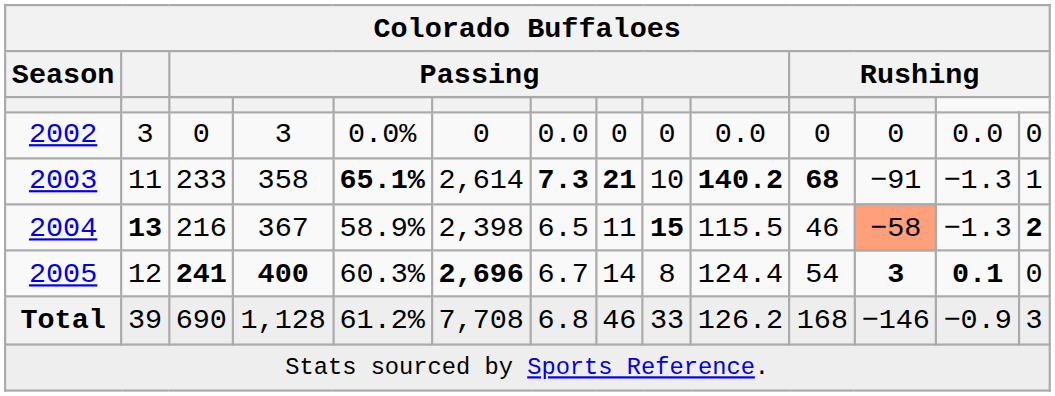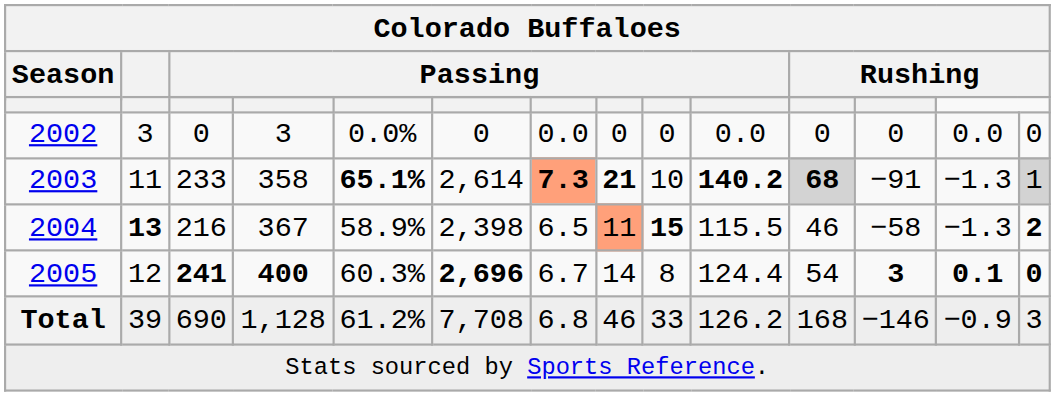 <table class=wikitable style="text-align:center;">
 <tr>
 <th colspan="14">Colorado Buffaloes</th>
 </tr>
 <tr>
 <th rowspan=2>Season</th>
 <th rowspan=2></th>
 <th colspan=8>Passing</th>
 <th colspan=4>Rushing</th>
 </tr>
 <tr>
 </tr>
 <tr>
 <th></th>
 <th></th>
 <th></th>
 <th></th>
 <th></th>
 <th></th>
 <th></th>
 <th></th>
 <th></th>
 <th></th>
 <th></th>
 <th></th>
 </tr>
 <tr>
 <td><a href='#'>2002</a></td>
 <td>3</td>
 <td>0</td>
 <td>3</td>
 <td>0.0%</td>
 <td>0</td>
 <td>0.0</td>
 <td>0</td>
 <td>0</td>
 <td>0.0</td>
 <td>0</td>
 <td>0</td>
 <td>0.0</td>
 <td>0</td>
 </tr>
 <tr>
 <td><a href='#'>2003</a></td>
 <td>11</td>
 <td>233</td>
 <td>358</td>
 <td><strong>65.1%</strong></td>
 <td>2,614</td>
-<td><strong>7.3</strong></td>
+<td style="background: lightsalmon;"><strong>7.3</strong></td>
 <td><strong>21</strong></td>
 <td>10</td>
 <td><strong>140.2</strong></td>
-<td><strong>68</strong></td>
+<td style="background: lightgrey;"><strong>68</strong></td>
 <td>−91</td>
 <td>−1.3</td>
-<td>1</td>
+<td style="background: lightgrey;">1</td>
 </tr>
 <tr>
 <td><a href='#'>2004</a></td>
 <td><strong>13</strong></td>
 <td>216</td>
 <td>367</td>
 <td>58.9%</td>
 <td>2,398</td>
 <td>6.5</td>
-<td>11</td>
+<td style="background: lightsalmon;">11</td>
 <td><strong>15</strong></td>
 <td>115.5</td>
 <td>46</td>
-<td style="background: lightsalmon;">−58</td>
+<td>−58</td>
 <td>−1.3</td>
 <td><strong>2</strong></td>
 </tr>
 <tr>
 <td><a href='#'>2005</a></td>
 <td>12</td>
 <td><strong>241</strong></td>
 <td><strong>400</strong></td>
 <td>60.3%</td>
 <td><strong>2,696</strong></td>
 <td>6.7</td>
 <td>14</td>
 <td>8</td>
 <td>124.4</td>
 <td>54</td>
 <td><strong>3</strong></td>
 <td><strong>0.1</strong></td>
-<td>0</td>
+<td><strong>0</strong></td>
 </tr>
 <tr class="sortbottom" style="background:#eee;">
 <th colspan=1>Total</th>
 <td>39</td>
 <td>690</td>
 <td>1,128</td>
 <td>61.2%</td>
 <td>7,708</td>
 <td>6.8</td>
 <td>46</td>
 <td>33</td>
 <td>126.2</td>
 <td>168</td>
 <td>−146</td>
 <td>−0.9</td>
 <td>3</td>
 </tr>
 <tr class="sortbottom" style="background:#eee;">
 <td style="text-align:center;" colspan="14"><small>Stats sourced by <a href='#'>Sports Reference</a>.</small></td>
 </tr>
 </table>
